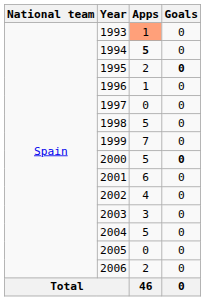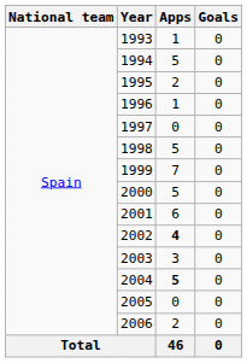 <table class="wikitable" style="text-align:center">
 <tr>
 <th>National team</th>
 <th>Year</th>
 <th>Apps</th>
 <th>Goals</th>
 </tr>
 <tr>
 <td rowspan="14"><a href='#'>Spain</a></td>
 <td>1993</td>
-<td style="background: lightsalmon;">1</td>
+<td>1</td>
 <td>0</td>
 </tr>
 <tr>
 <td>1994</td>
-<td><strong>5</strong></td>
+<td>5</td>
 <td>0</td>
 </tr>
 <tr>
 <td>1995</td>
 <td>2</td>
-<td><strong>0</strong></td>
+<td>0</td>
 </tr>
 <tr>
 <td>1996</td>
 <td>1</td>
 <td>0</td>
 </tr>
 <tr>
 <td>1997</td>
 <td>0</td>
 <td>0</td>
 </tr>
 <tr>
 <td>1998</td>
 <td>5</td>
 <td>0</td>
 </tr>
 <tr>
 <td>1999</td>
 <td>7</td>
 <td>0</td>
 </tr>
 <tr>
 <td>2000</td>
 <td>5</td>
-<td><strong>0</strong></td>
+<td>0</td>
 </tr>
 <tr>
 <td>2001</td>
 <td>6</td>
 <td>0</td>
 </tr>
 <tr>
 <td>2002</td>
-<td>4</td>
+<td><strong>4</strong></td>
 <td>0</td>
 </tr>
 <tr>
 <td>2003</td>
 <td>3</td>
 <td>0</td>
 </tr>
 <tr>
 <td>2004</td>
-<td>5</td>
+<td><strong>5</strong></td>
 <td>0</td>
 </tr>
 <tr>
 <td>2005</td>
 <td>0</td>
 <td>0</td>
 </tr>
 <tr>
 <td>2006</td>
 <td>2</td>
 <td>0</td>
 </tr>
 <tr>
 <th colspan="2">Total</th>
 <th>46</th>
 <th>0</th>
 </tr>
 </table>
